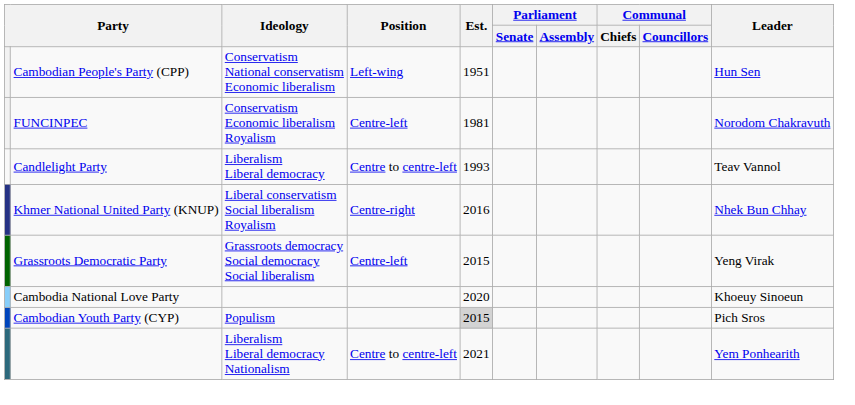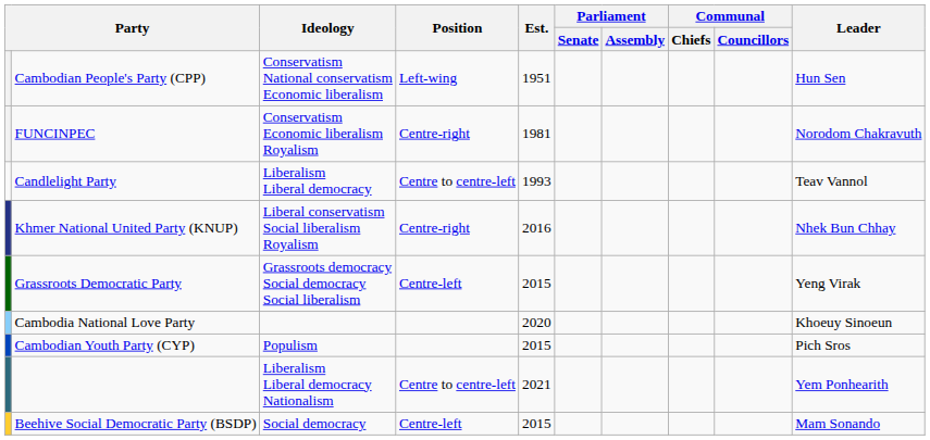 <table class="wikitable sortable" style="font-size:100%;">
 <tr>
 <th rowspan="2" colspan="2">Party</th>
 <th rowspan="2">Ideology</th>
 <th rowspan="2">Position</th>
 <th rowspan="2">Est.</th>
 <th colspan="2"><a href='#'>Parliament</a></th>
 <th colspan=2><a href='#'>Communal</a></th>
 <th rowspan="2">Leader</th>
 </tr>
 <tr>
 <th><a href='#'>Senate</a></th>
 <th><a href='#'>Assembly</a></th>
 <th>Chiefs</th>
 <th><a href='#'>Councillors</a></th>
 </tr>
 <tr>
 <th style="background-color: "></th>
 <td><a href='#'>Cambodian People's Party</a> (CPP)<br><small></small></td>
 <td><a href='#'>Conservatism</a><br><a href='#'>National conservatism</a><br><a href='#'>Economic liberalism</a></td>
 <td><a href='#'>Left-wing</a></td>
 <td>1951</td>
 <td></td>
 <td></td>
 <td></td>
 <td></td>
 <td><a href='#'>Hun Sen</a></td>
 </tr>
 <tr>
 <th style="background-color: "></th>
 <td><a href='#'>FUNCINPEC</a><br><small></small></td>
 <td><a href='#'>Conservatism</a><br><a href='#'>Economic liberalism</a><br><a href='#'>Royalism</a></td>
-<td><a href='#'>Centre-left</a></td>
+<td><a href='#'>Centre-right</a></td>
 <td>1981</td>
 <td></td>
 <td></td>
 <td></td>
 <td></td>
 <td><a href='#'>Norodom Chakravuth</a></td>
 </tr>
 <tr>
 <td style=background-color:></td>
 <td><a href='#'>Candlelight Party</a><br></td>
 <td><a href='#'>Liberalism</a><br><a href='#'>Liberal democracy</a></td>
 <td><a href='#'>Centre</a> to <a href='#'>centre-left</a></td>
 <td>1993</td>
 <td></td>
 <td></td>
 <td></td>
 <td></td>
 <td>Teav Vannol</td>
 </tr>
 <tr>
 <td bgcolor=#253285></td>
 <td><a href='#'>Khmer National United Party</a> (KNUP)<br></td>
 <td><a href='#'>Liberal conservatism</a><br><a href='#'>Social liberalism</a><br><a href='#'>Royalism</a></td>
 <td><a href='#'>Centre-right</a></td>
 <td>2016</td>
 <td></td>
 <td></td>
 <td></td>
 <td></td>
 <td><a href='#'>Nhek Bun Chhay</a></td>
 </tr>
 <tr>
 <td bgcolor=#006400></td>
 <td><a href='#'>Grassroots Democratic Party</a><br></td>
 <td><a href='#'>Grassroots democracy</a><br><a href='#'>Social democracy</a><br><a href='#'>Social liberalism</a></td>
 <td><a href='#'>Centre-left</a></td>
 <td>2015</td>
 <td></td>
 <td></td>
 <td></td>
 <td></td>
 <td>Yeng Virak</td>
 </tr>
 <tr>
 <td bgcolor=#87CEFA></td>
 <td>Cambodia National Love Party<br></td>
 <td></td>
 <td></td>
 <td>2020</td>
 <td></td>
 <td></td>
 <td></td>
 <td></td>
 <td>Khoeuy Sinoeun</td>
 </tr>
 <tr>
 <td bgcolor=#0045bc></td>
 <td><a href='#'>Cambodian Youth Party</a> (CYP)<br></td>
 <td><a href='#'>Populism</a></td>
 <td></td>
-<td style="background: lightgrey;">2015</td>
+<td>2015</td>
 <td></td>
 <td></td>
 <td></td>
 <td></td>
 <td>Pich Sros</td>
 </tr>
 <tr>
 <td bgcolor=#2C697C></td>
 <td><br></td>
 <td><a href='#'>Liberalism</a><br><a href='#'>Liberal democracy</a><br><a href='#'>Nationalism</a></td>
 <td><a href='#'>Centre</a> to <a href='#'>centre-left</a></td>
 <td>2021</td>
 <td></td>
 <td></td>
 <td></td>
 <td></td>
 <td><a href='#'>Yem Ponhearith</a></td>
 </tr>
+<tr>
+<td bgcolor=#fecd2f></td>
+<td><a href='#'>Beehive Social Democratic Party</a> (BSDP)<br></td>
+<td><a href='#'>Social democracy</a></td>
+<td><a href='#'>Centre-left</a></td>
+<td>2015</td>
+<td></td>
+<td></td>
+<td></td>
+<td></td>
+<td><a href='#'>Mam Sonando</a></td>
+</tr>
 </table>
